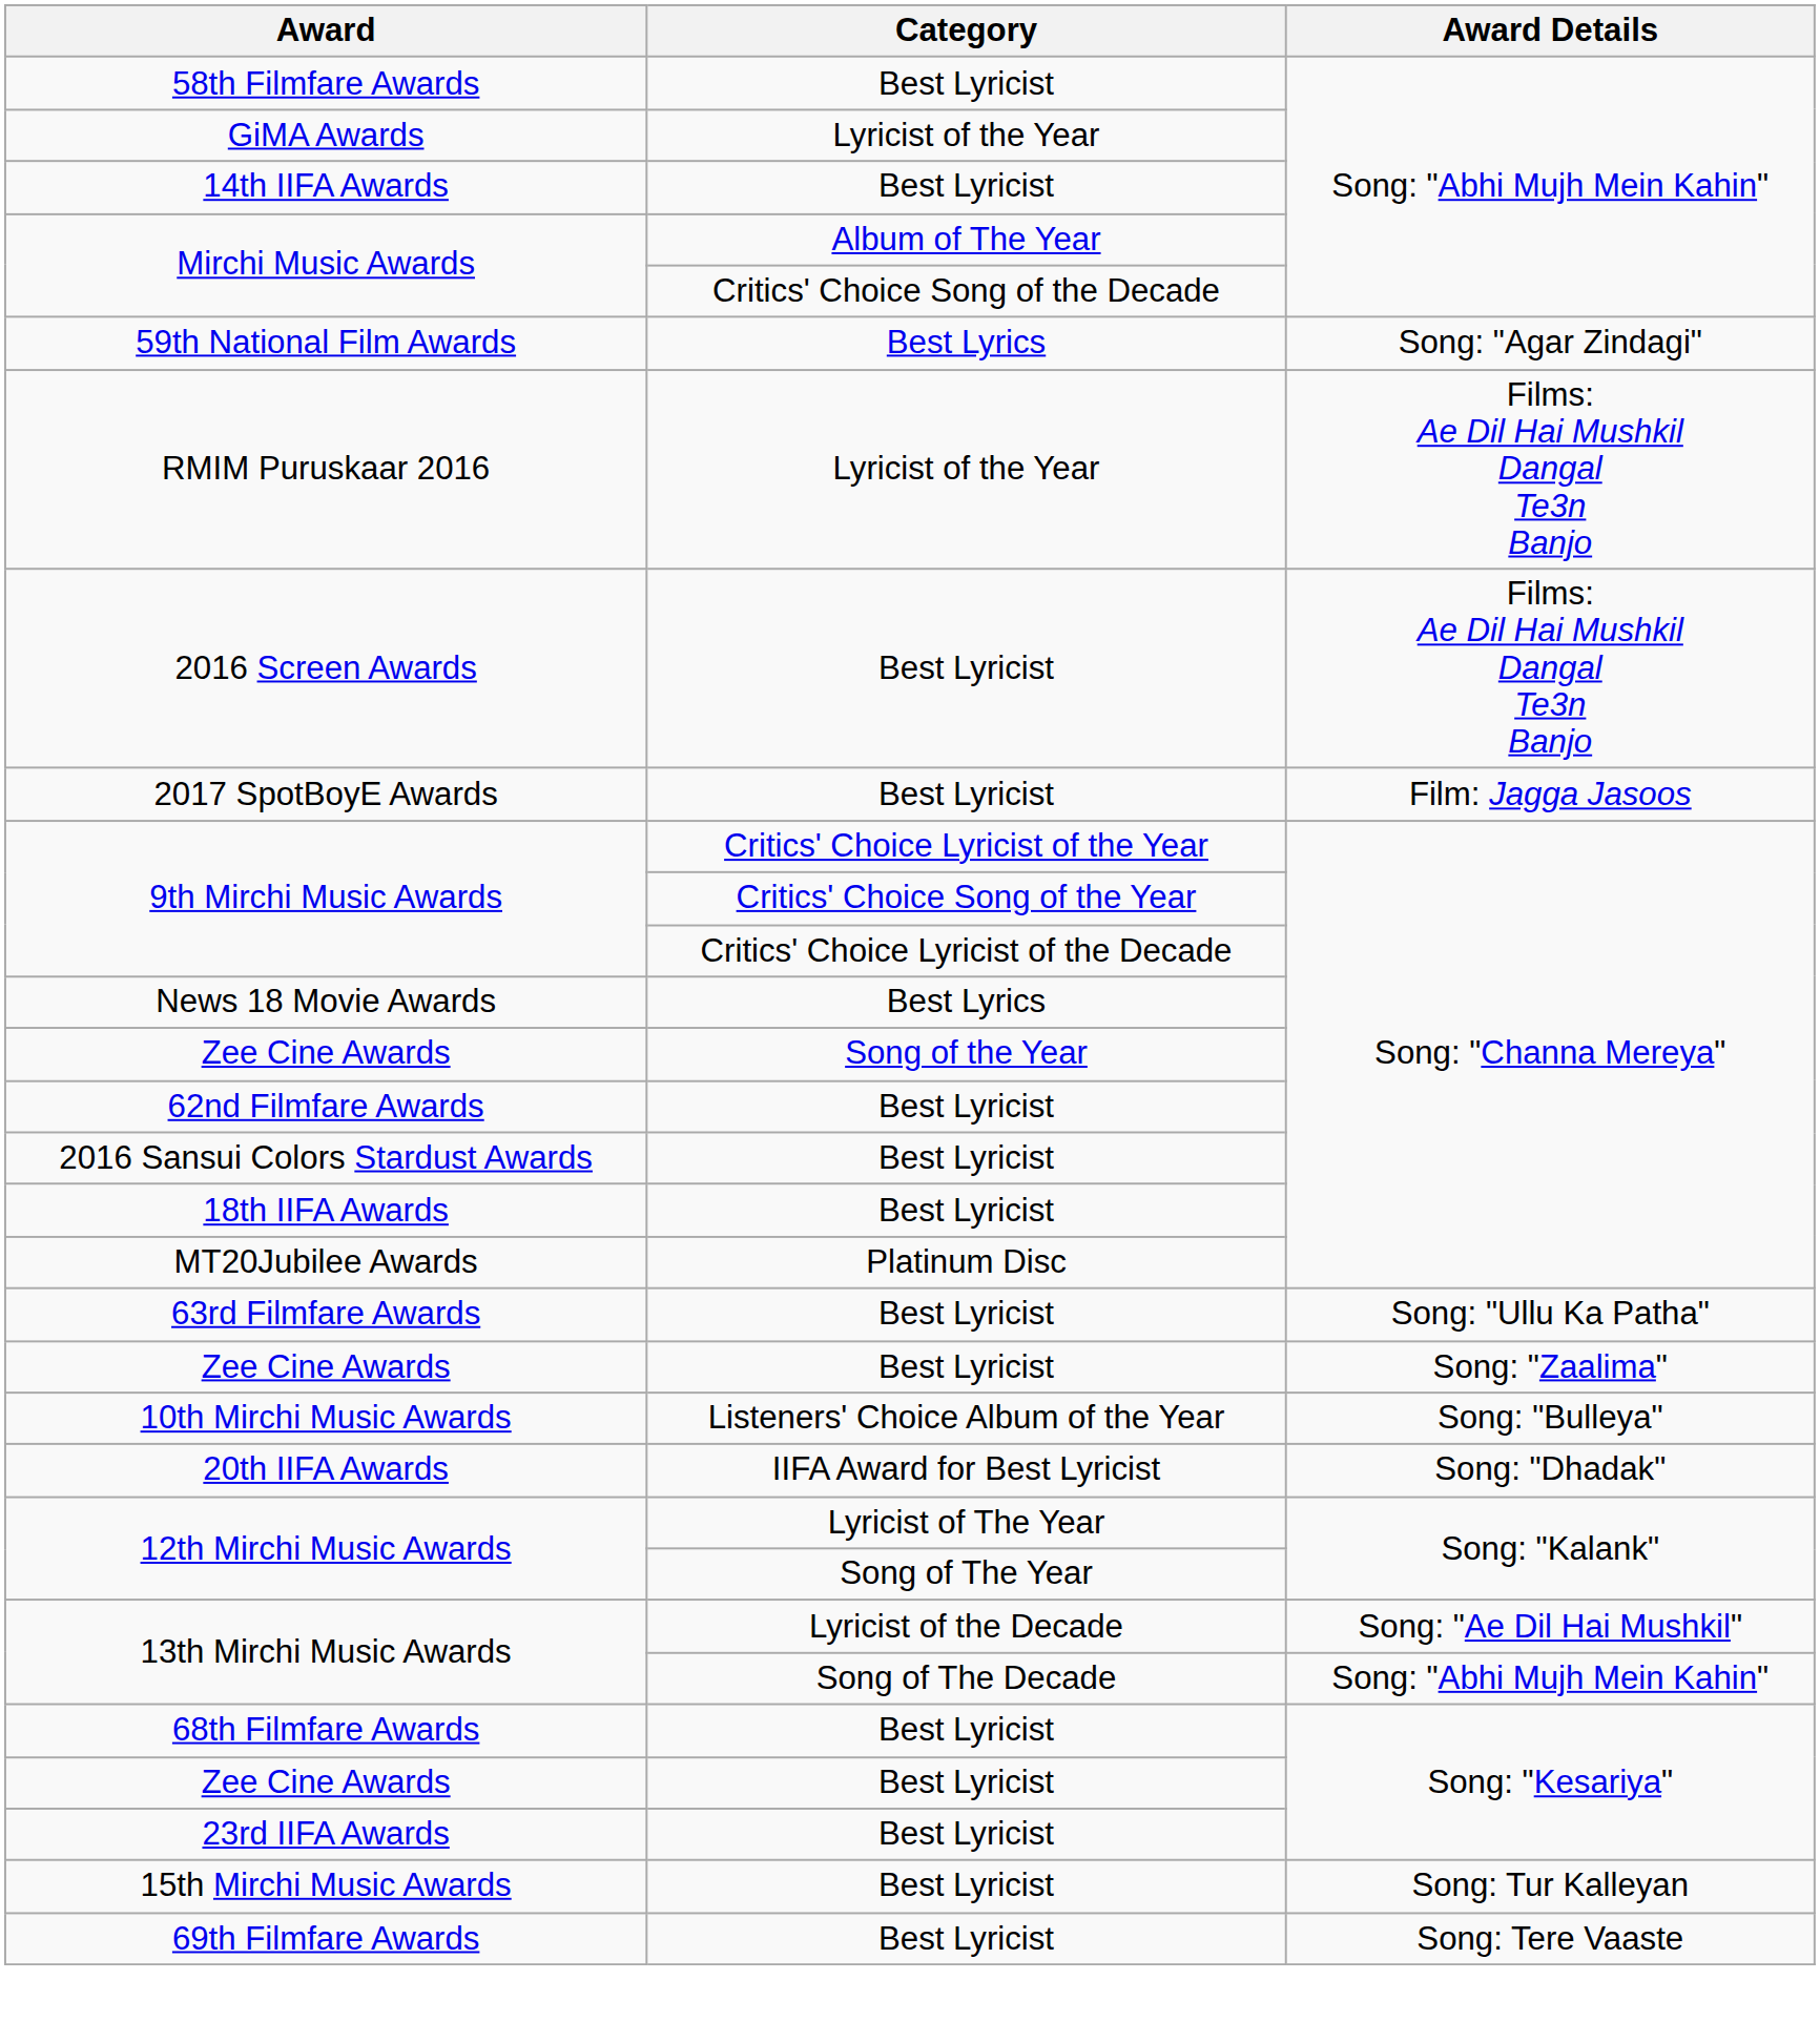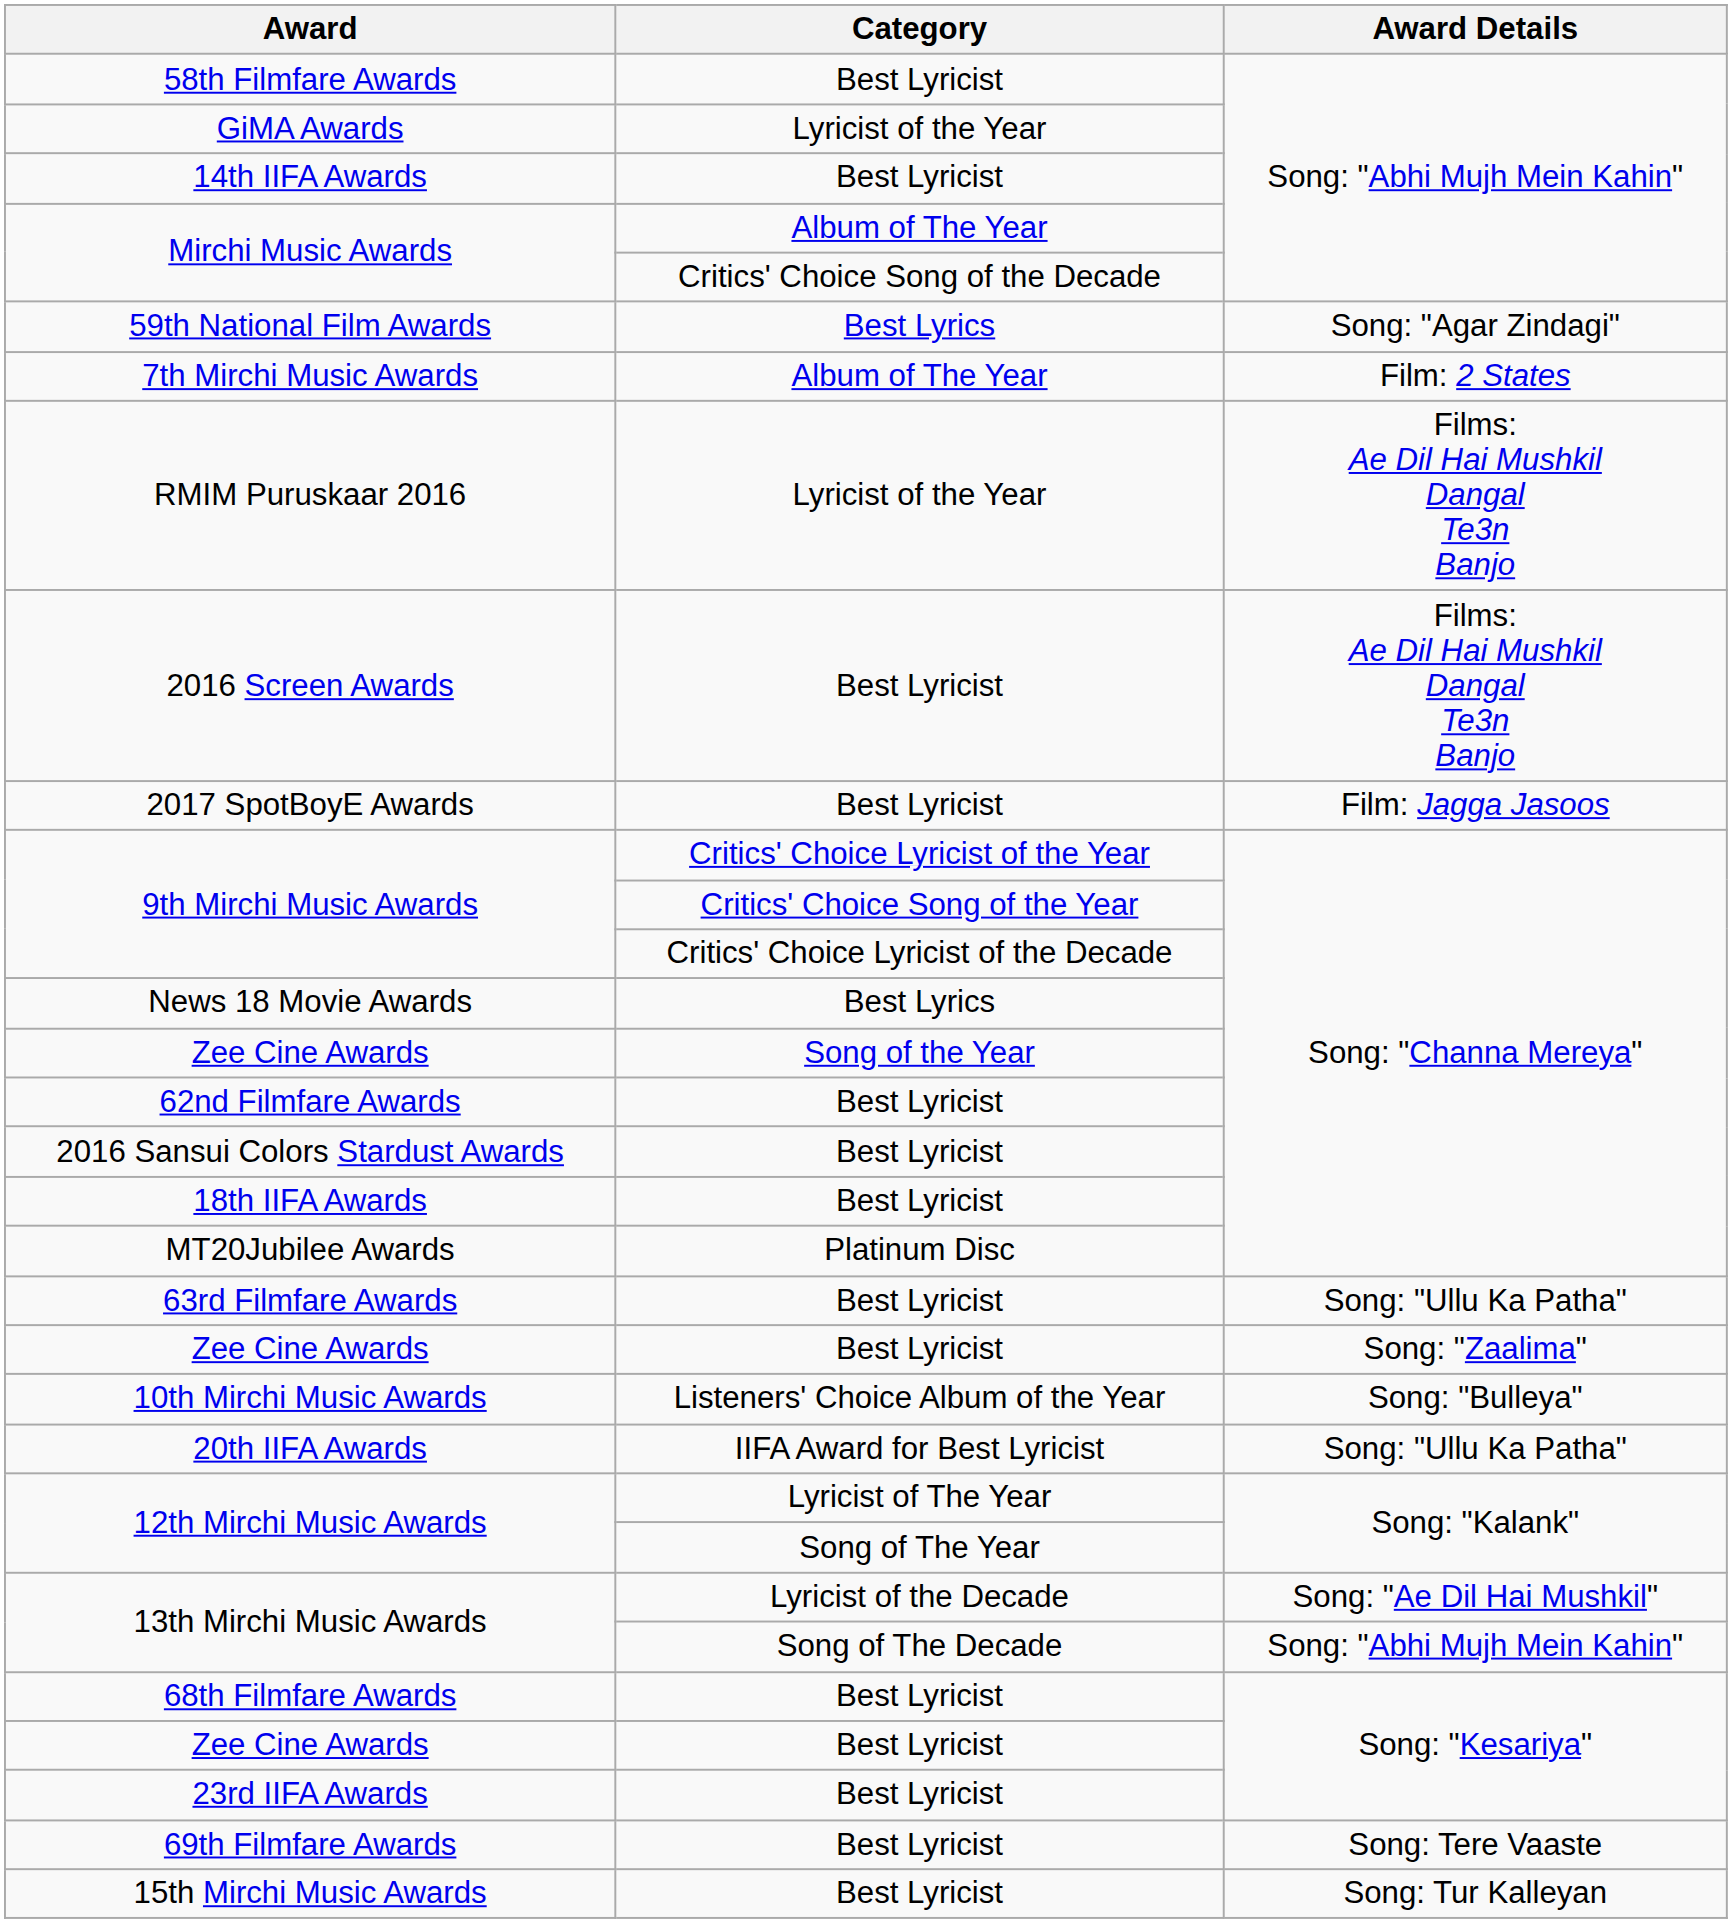 <table class="wikitable sortable" style="width: 100%; text-align: center;">
 <tr>
 <th>Award</th>
 <th>Category</th>
 <th>Award Details</th>
 </tr>
 <tr>
 <td><a href='#'>58th Filmfare Awards</a></td>
 <td>Best Lyricist</td>
 <td rowspan = "5">Song: "<a href='#'>Abhi Mujh Mein Kahin</a>"</td>
 </tr>
 <tr>
 <td><a href='#'>GiMA Awards</a></td>
 <td>Lyricist of the Year</td>
 </tr>
 <tr>
 <td><a href='#'>14th IIFA Awards</a></td>
 <td>Best Lyricist</td>
 </tr>
 <tr>
 <td rowspan = "2"><a href='#'>Mirchi Music Awards</a></td>
 <td><a href='#'>Album of The Year</a></td>
 </tr>
 <tr>
 <td>Critics' Choice Song of the Decade</td>
 </tr>
 <tr>
 <td><a href='#'>59th National Film Awards</a></td>
 <td><a href='#'>Best Lyrics</a></td>
 <td>Song: "Agar Zindagi"</td>
+</tr>
+<tr>
+<td><a href='#'>7th Mirchi Music Awards</a></td>
+<td><a href='#'>Album of The Year</a></td>
+<td>Film: <em><a href='#'>2 States</a></em></td>
 </tr>
 <tr>
 <td>RMIM Puruskaar 2016</td>
 <td>Lyricist of the Year</td>
 <td style="text-align: center;">Films:<br><em><a href='#'>Ae Dil Hai Mushkil</a></em><br><em><a href='#'>Dangal</a></em><br><em><a href='#'>Te3n</a></em><br><em><a href='#'>Banjo</a></em></td>
 </tr>
 <tr>
 <td>2016 <a href='#'>Screen Awards</a></td>
 <td>Best Lyricist</td>
 <td style="text-align: center;">Films:<br><em><a href='#'>Ae Dil Hai Mushkil</a></em><br><em><a href='#'>Dangal</a></em><br><em><a href='#'>Te3n</a></em><br><em><a href='#'>Banjo</a></em></td>
 </tr>
 <tr>
 <td>2017 SpotBoyE Awards</td>
 <td>Best Lyricist</td>
 <td>Film: <em><a href='#'>Jagga Jasoos</a></em></td>
 </tr>
 <tr>
 <td rowspan = "3"><a href='#'>9th Mirchi Music Awards</a></td>
 <td><a href='#'>Critics' Choice Lyricist of the Year</a></td>
 <td rowspan = "9">Song: "<a href='#'>Channa Mereya</a>"</td>
 </tr>
 <tr>
 <td><a href='#'>Critics' Choice Song of the Year</a></td>
 </tr>
 <tr>
 <td>Critics' Choice Lyricist of the Decade</td>
 </tr>
 <tr>
 <td>News 18 Movie Awards</td>
 <td>Best Lyrics</td>
 </tr>
 <tr>
 <td><a href='#'>Zee Cine Awards</a></td>
 <td><a href='#'>Song of the Year</a></td>
 </tr>
 <tr>
 <td><a href='#'>62nd Filmfare Awards</a></td>
 <td>Best Lyricist</td>
 </tr>
 <tr>
 <td>2016 Sansui Colors <a href='#'>Stardust Awards</a></td>
 <td>Best Lyricist</td>
 </tr>
 <tr>
 <td><a href='#'>18th IIFA Awards</a></td>
 <td>Best Lyricist</td>
 </tr>
 <tr>
 <td>MT20Jubilee Awards</td>
 <td>Platinum Disc</td>
 </tr>
 <tr>
 <td><a href='#'>63rd Filmfare Awards</a></td>
 <td>Best Lyricist</td>
 <td>Song: "Ullu Ka Patha"</td>
 </tr>
 <tr>
 <td><a href='#'>Zee Cine Awards</a></td>
 <td>Best Lyricist</td>
 <td>Song: "<a href='#'>Zaalima</a>"</td>
 </tr>
 <tr>
 <td><a href='#'>10th Mirchi Music Awards</a></td>
 <td>Listeners' Choice Album of the Year</td>
 <td>Song: "Bulleya"</td>
 </tr>
 <tr>
 <td><a href='#'>20th IIFA Awards</a></td>
 <td>IIFA Award for Best Lyricist</td>
-<td>Song: "Dhadak"</td>
+<td>Song: "Ullu Ka Patha"</td>
 </tr>
 <tr>
 <td rowspan = "2"><a href='#'>12th Mirchi Music Awards</a></td>
 <td>Lyricist of The Year</td>
 <td Rowspan = "2">Song: "Kalank"</td>
 </tr>
 <tr>
 <td>Song of The Year</td>
 </tr>
 <tr>
 <td rowspan = "2">13th Mirchi Music Awards</td>
 <td>Lyricist of the Decade</td>
 <td>Song: "<a href='#'>Ae Dil Hai Mushkil</a>"</td>
 </tr>
 <tr>
 <td>Song of The Decade</td>
 <td>Song: "<a href='#'>Abhi Mujh Mein Kahin</a>"</td>
 </tr>
 <tr>
 <td><a href='#'>68th Filmfare Awards</a></td>
 <td>Best Lyricist</td>
 <td rowspan = "3">Song: "<a href='#'>Kesariya</a>"</td>
 </tr>
 <tr>
 <td><a href='#'>Zee Cine Awards</a></td>
 <td>Best Lyricist</td>
 </tr>
 <tr>
 <td><a href='#'>23rd IIFA Awards</a></td>
 <td>Best Lyricist</td>
 </tr>
 <tr>
+<td><a href='#'>69th Filmfare Awards</a></td>
+<td>Best Lyricist</td>
+<td>Song: Tere Vaaste</td>
+</tr>
+<tr>
 <td>15th <a href='#'>Mirchi Music Awards</a></td>
 <td>Best Lyricist</td>
 <td>Song: Tur Kalleyan</td>
 </tr>
-<tr>
-<td><a href='#'>69th Filmfare Awards</a></td>
-<td>Best Lyricist</td>
-<td>Song: Tere Vaaste</td>
-</tr>
 </table>
